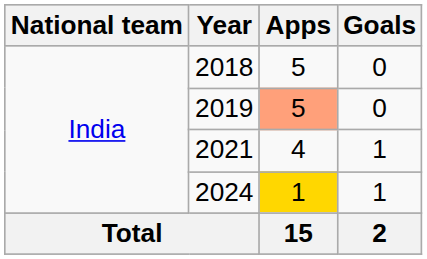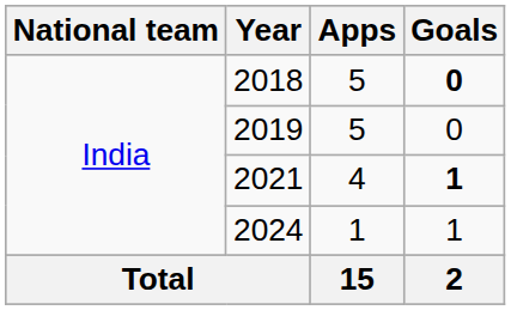 <table class="wikitable" style="text-align: center;">
 <tr>
 <th>National team</th>
 <th>Year</th>
 <th>Apps</th>
 <th>Goals</th>
 </tr>
 <tr>
 <td rowspan="4"><a href='#'>India</a></td>
 <td>2018</td>
 <td>5</td>
-<td>0</td>
+<td><strong>0</strong></td>
 </tr>
 <tr>
 <td>2019</td>
-<td style="background: lightsalmon;">5</td>
+<td>5</td>
 <td>0</td>
 </tr>
 <tr>
 <td>2021</td>
 <td>4</td>
-<td>1</td>
+<td><strong>1</strong></td>
 </tr>
 <tr>
 <td>2024</td>
-<td style="background: gold;">1</td>
+<td>1</td>
 <td>1</td>
 </tr>
 <tr>
 <th colspan="2">Total</th>
 <th>15</th>
 <th>2</th>
 </tr>
 </table>
